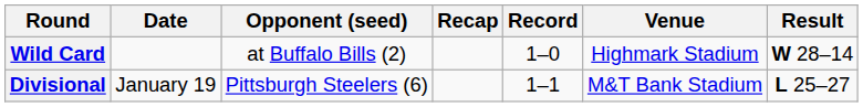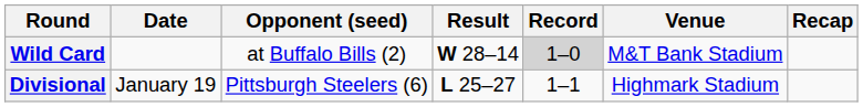 <table class="wikitable" style="text-align:center">
 <tr>
 <th>Round</th>
 <th>Date</th>
 <th>Opponent (seed)</th>
-<th>Recap</th>
+<th>Result</th>
 <th>Record</th>
 <th>Venue</th>
-<th>Result</th>
+<th>Recap</th>
 </tr>
 <tr>
 <th><a href='#'>Wild Card</a></th>
 <td></td>
 <td>at <a href='#'>Buffalo Bills</a> (2)</td>
+<td><strong>W</strong> 28–14</td>
+<td style="background: lightgrey;">1–0</td>
+<td><a href='#'>M&T Bank Stadium</a></td>
 <td></td>
-<td>1–0</td>
-<td><a href='#'>Highmark Stadium</a></td>
-<td><strong>W</strong> 28–14</td>
 </tr>
 <tr>
 <th><a href='#'>Divisional</a></th>
 <td>January 19</td>
 <td><a href='#'>Pittsburgh Steelers</a> (6)</td>
+<td><strong>L</strong> 25–27</td>
+<td>1–1</td>
+<td><a href='#'>Highmark Stadium</a></td>
 <td></td>
-<td>1–1</td>
-<td><a href='#'>M&T Bank Stadium</a></td>
-<td><strong>L</strong> 25–27</td>
 </tr>
 </table>
